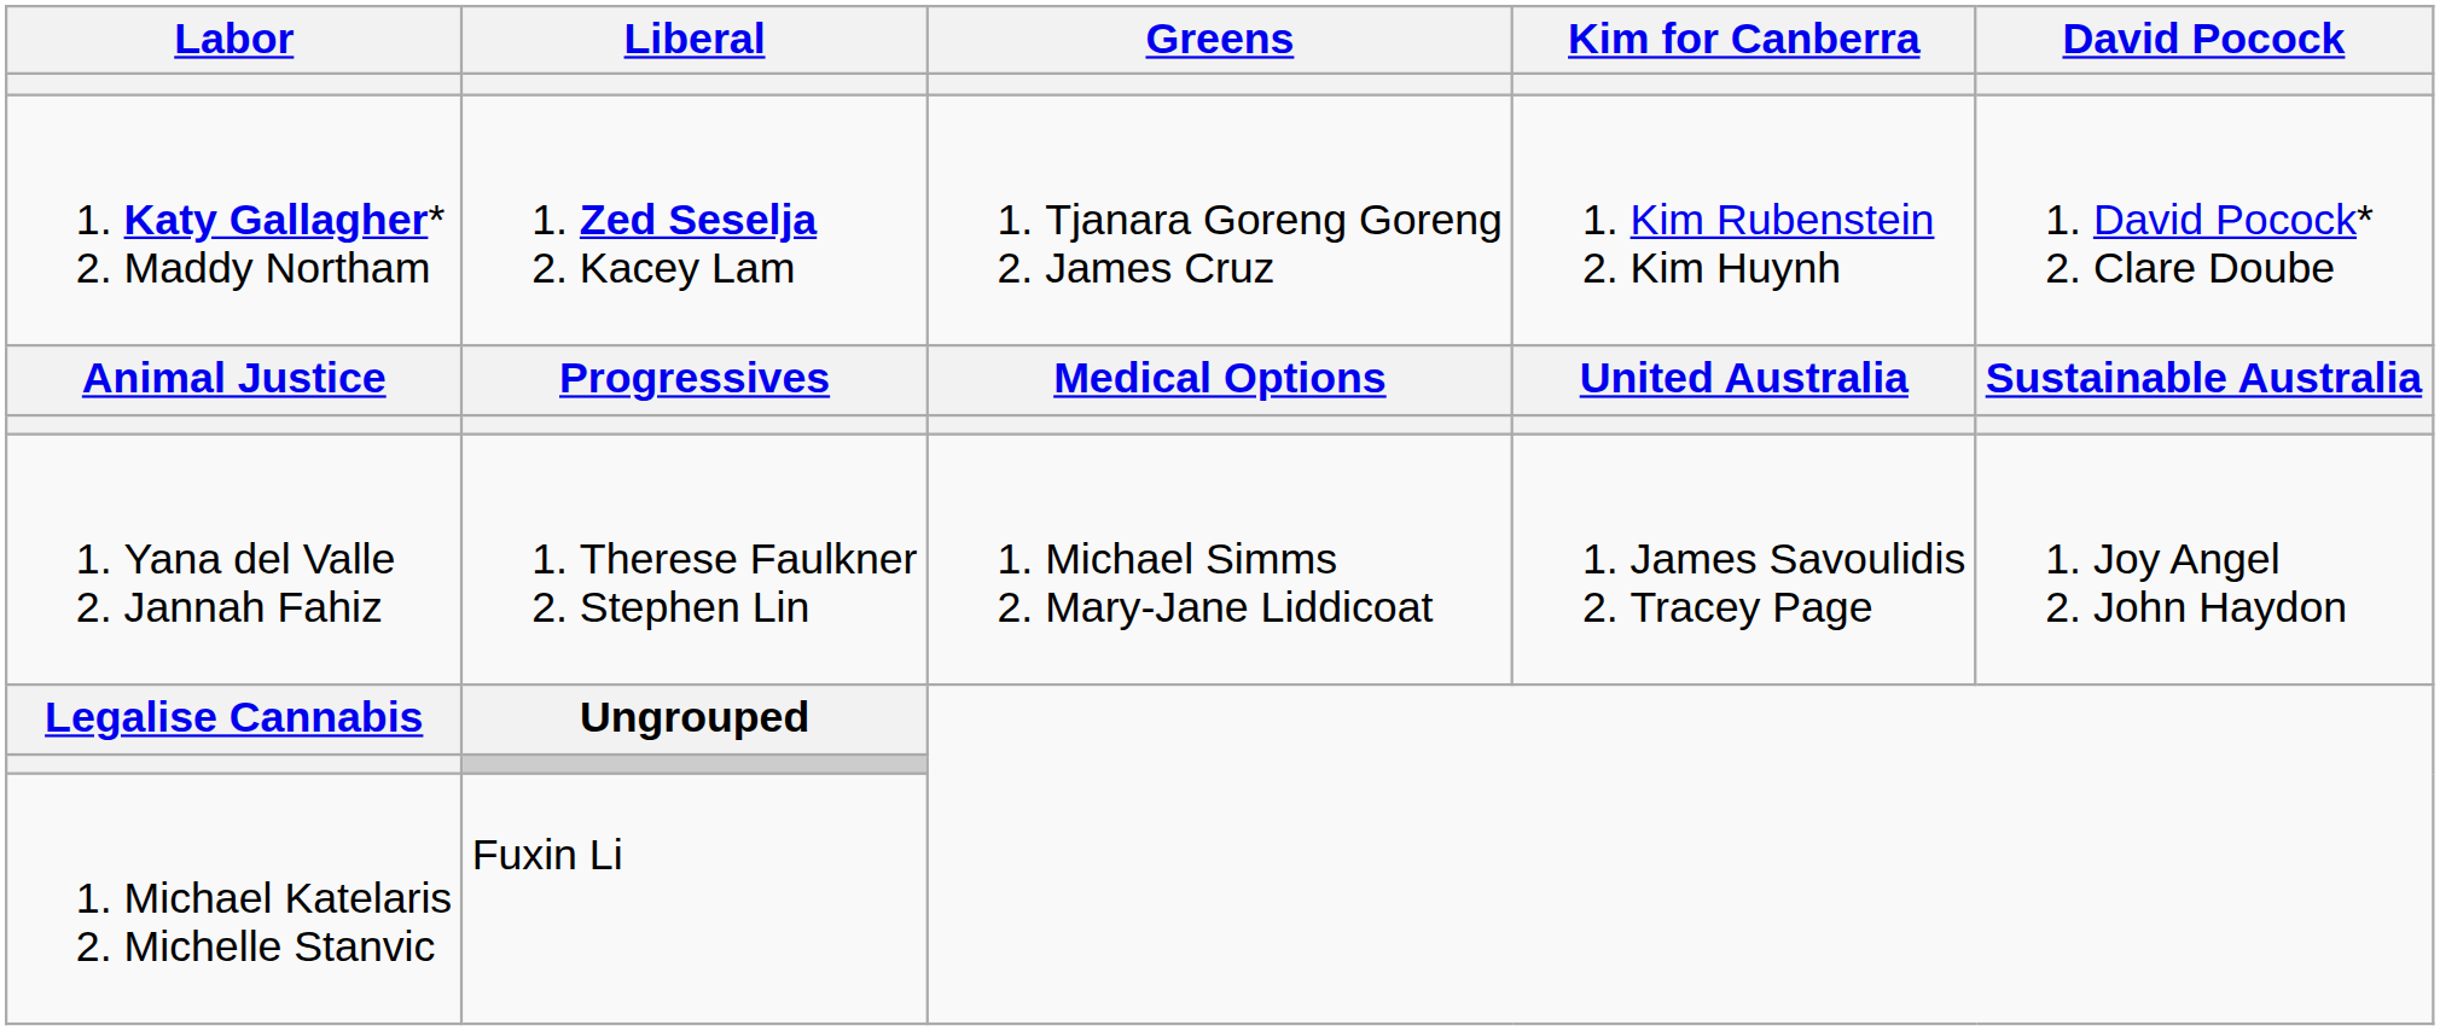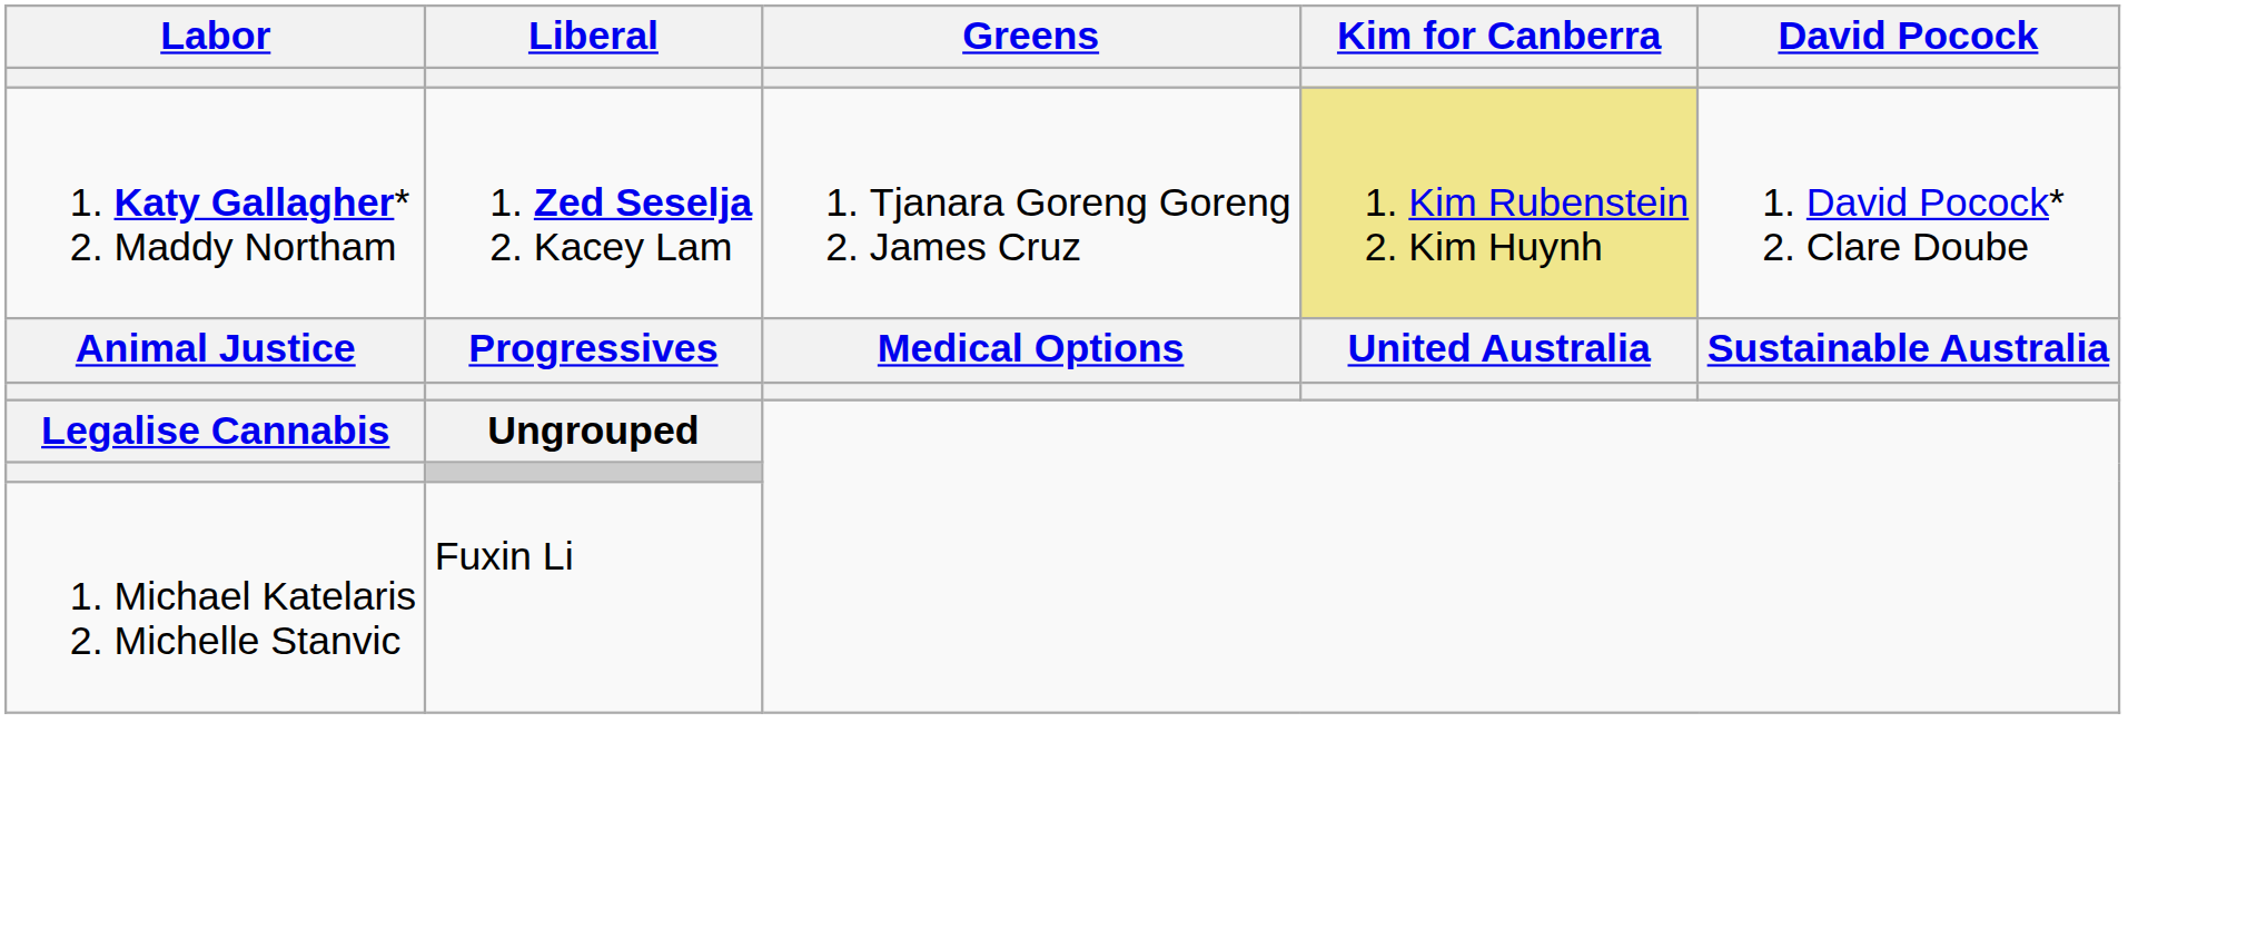 <table class=wikitable>
 <tr>
 <th><a href='#'>Labor</a></th>
 <th><a href='#'>Liberal</a></th>
 <th><a href='#'>Greens</a></th>
 <th><a href='#'>Kim for Canberra</a></th>
 <th><a href='#'>David Pocock</a></th>
 </tr>
 <tr style=background:#ccc>
 <th></th>
 <th></th>
 <th></th>
 <th></th>
 <th></th>
 </tr>
 <tr>
 <td><br><ol><li><strong><a href='#'>Katy Gallagher</a></strong>*</li><li>Maddy Northam</li></ol></td>
 <td valign=top><br><ol><li><strong><a href='#'>Zed Seselja</a></strong></li><li>Kacey Lam</li></ol></td>
 <td valign=top><br><ol><li>Tjanara Goreng Goreng</li><li>James Cruz</li></ol></td>
-<td valign=top><br><ol><li><a href='#'>Kim Rubenstein</a></li><li>Kim Huynh</li></ol></td>
+<td valign=top style="background: khaki;"><br><ol><li><a href='#'>Kim Rubenstein</a></li><li>Kim Huynh</li></ol></td>
 <td><br><ol><li><a href='#'>David Pocock</a>*</li><li>Clare Doube</li></ol></td>
 </tr>
 <tr>
 <th><a href='#'>Animal Justice</a></th>
 <th><a href='#'>Progressives</a></th>
 <th><a href='#'>Medical Options</a></th>
 <th><a href='#'>United Australia</a></th>
 <th><a href='#'>Sustainable Australia</a></th>
 </tr>
 <tr style=background:#ccc>
 <th></th>
 <th></th>
 <th></th>
 <th></th>
 <th></th>
 </tr>
 <tr>
-<td valign=top><br><ol><li>Yana del Valle</li><li>Jannah Fahiz</li></ol></td>
-<td valign=top><br><ol><li>Therese Faulkner</li><li>Stephen Lin</li></ol></td>
-<td valign=top><br><ol><li>Michael Simms</li><li>Mary-Jane Liddicoat</li></ol></td>
-<td valign=top><br><ol><li>James Savoulidis</li><li>Tracey Page</li></ol></td>
-<td valign=top><br><ol><li>Joy Angel</li><li>John Haydon</li></ol></td>
-</tr>
-<tr>
 <th><a href='#'>Legalise Cannabis</a></th>
 <th>Ungrouped</th>
 </tr>
 <tr style=background:#ccc>
 <th></th>
 <td></td>
 </tr>
 <tr>
 <td valign=top><br><ol><li>Michael Katelaris</li><li>Michelle Stanvic</li></ol></td>
 <td valign=top><br>Fuxin Li</td>
 </tr>
 </table>
